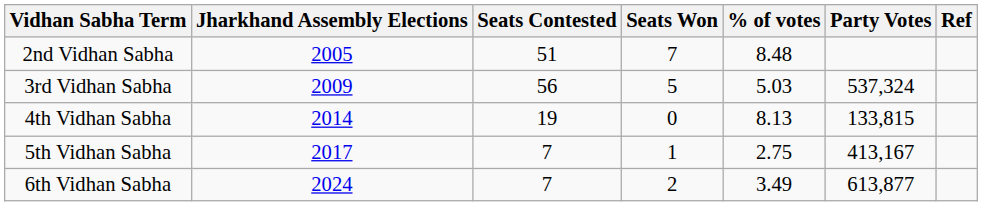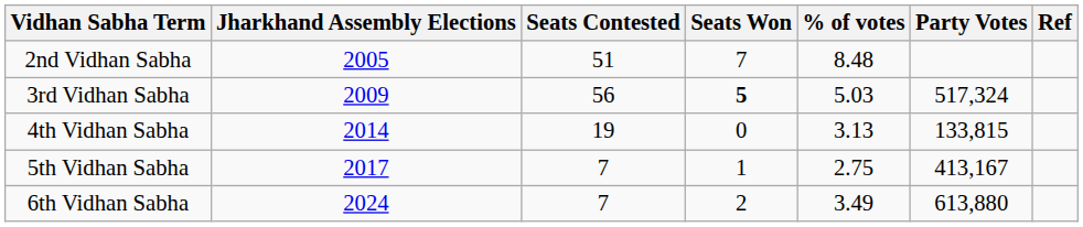 <table class="wikitable sortable" style="text-align:center;">
 <tr>
 <th Style="background-color:">Vidhan Sabha Term</th>
 <th Style="background-color:">Jharkhand Assembly Elections</th>
 <th Style="background-color:">Seats Contested</th>
 <th Style="background-color:">Seats Won</th>
 <th Style="background-color:">% of votes</th>
 <th Style="background-color:">Party Votes</th>
 <th Style="background-color:">Ref</th>
 </tr>
 <tr>
 <td>2nd Vidhan Sabha</td>
 <td><a href='#'>2005</a></td>
 <td>51</td>
 <td>7</td>
 <td>8.48</td>
 <td></td>
 <td></td>
 </tr>
 <tr>
 <td>3rd Vidhan Sabha</td>
 <td><a href='#'>2009</a></td>
 <td>56</td>
-<td>5</td>
+<td><strong>5</strong></td>
 <td>5.03</td>
-<td>537,324</td>
+<td>517,324</td>
 <td></td>
 </tr>
 <tr>
 <td>4th Vidhan Sabha</td>
 <td><a href='#'>2014</a></td>
 <td>19</td>
 <td>0</td>
-<td>8.13</td>
+<td>3.13</td>
 <td>133,815</td>
 <td></td>
 </tr>
 <tr>
 <td>5th Vidhan Sabha</td>
 <td><a href='#'>2017</a></td>
 <td>7</td>
 <td>1</td>
 <td>2.75</td>
 <td>413,167</td>
 <td></td>
 </tr>
 <tr>
 <td>6th Vidhan Sabha</td>
 <td><a href='#'>2024</a></td>
 <td>7</td>
 <td>2</td>
 <td>3.49</td>
-<td>613,877</td>
+<td>613,880</td>
 <td></td>
 </tr>
 </table>
